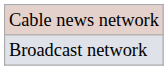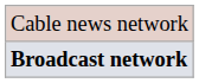 <table class="wikitable" style="font-size:95%">
 <tr style="background:#e5d1cb">
 <td>Cable news network</td>
 </tr>
 <tr style="background:#dfe2e9">
-<td>Broadcast network</td>
+<td><strong>Broadcast network</strong></td>
 </tr>
 </table>
